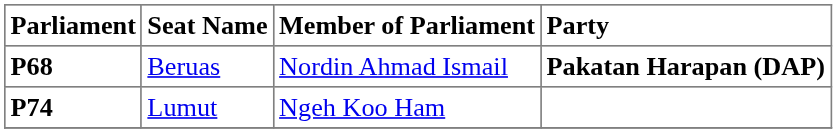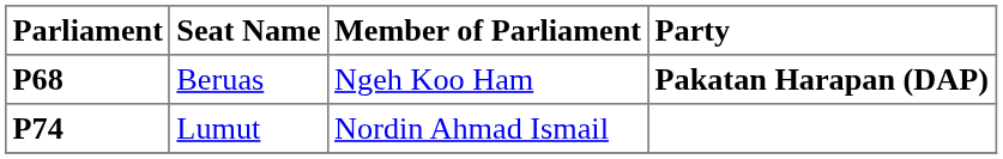 <table class="toccolours sortable" border="1" cellpadding="3" style="border-collapse:collapse; text-align: left;">
 <tr>
 <th align="center">Parliament</th>
 <th>Seat Name</th>
 <th>Member of Parliament</th>
 <th>Party</th>
 </tr>
 <tr>
 <th align="left">P68</th>
 <td><a href='#'>Beruas</a></td>
-<td><a href='#'>Nordin Ahmad Ismail</a></td>
+<td><a href='#'>Ngeh Koo Ham</a></td>
 <td><strong>Pakatan Harapan (DAP)</strong></td>
 </tr>
 <tr>
 <th align="left">P74</th>
 <td><a href='#'>Lumut</a></td>
-<td><a href='#'>Ngeh Koo Ham</a></td>
+<td><a href='#'>Nordin Ahmad Ismail</a></td>
 <td></td>
 </tr>
 <tr>
 </tr>
 </table>
